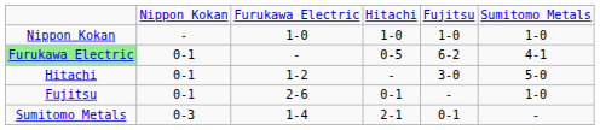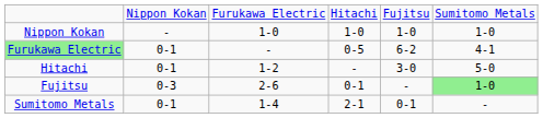 <table class="wikitable">
 <tr align=center>
 <td></td>
 <td><a href='#'>Nippon Kokan</a></td>
 <td><a href='#'>Furukawa Electric</a></td>
 <td><a href='#'>Hitachi</a></td>
 <td><a href='#'>Fujitsu</a></td>
 <td><a href='#'>Sumitomo Metals</a></td>
 </tr>
 <tr align=center>
 <td><a href='#'>Nippon Kokan</a></td>
 <td>-</td>
 <td>1-0</td>
 <td>1-0</td>
 <td>1-0</td>
 <td>1-0</td>
 </tr>
 <tr align=center>
 <td style="background: lightgreen;"><a href='#'>Furukawa Electric</a></td>
 <td>0-1</td>
 <td>-</td>
 <td>0-5</td>
 <td>6-2</td>
 <td>4-1</td>
 </tr>
 <tr align=center>
 <td><a href='#'>Hitachi</a></td>
 <td>0-1</td>
 <td>1-2</td>
 <td>-</td>
 <td>3-0</td>
 <td>5-0</td>
 </tr>
 <tr align=center>
 <td><a href='#'>Fujitsu</a></td>
-<td>0-1</td>
+<td>0-3</td>
 <td>2-6</td>
 <td>0-1</td>
 <td>-</td>
-<td>1-0</td>
+<td style="background: lightgreen;">1-0</td>
 </tr>
 <tr align=center>
 <td><a href='#'>Sumitomo Metals</a></td>
-<td>0-3</td>
+<td>0-1</td>
 <td>1-4</td>
 <td>2-1</td>
 <td>0-1</td>
 <td>-</td>
 </tr>
 </table>
